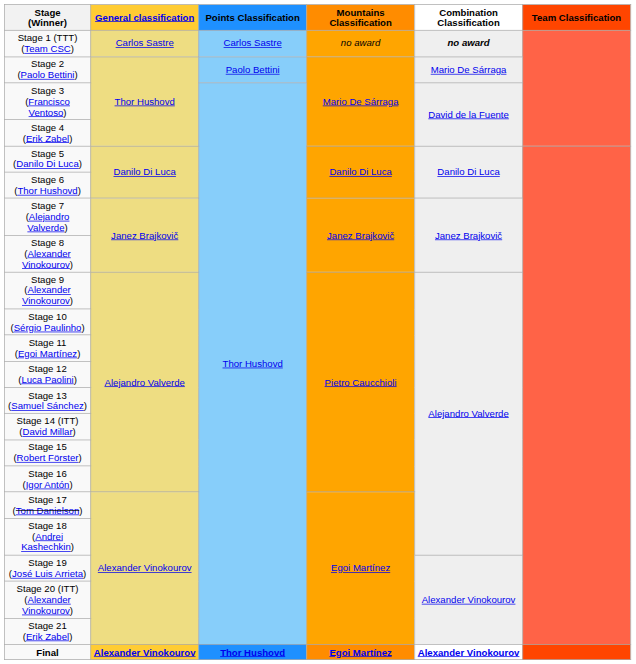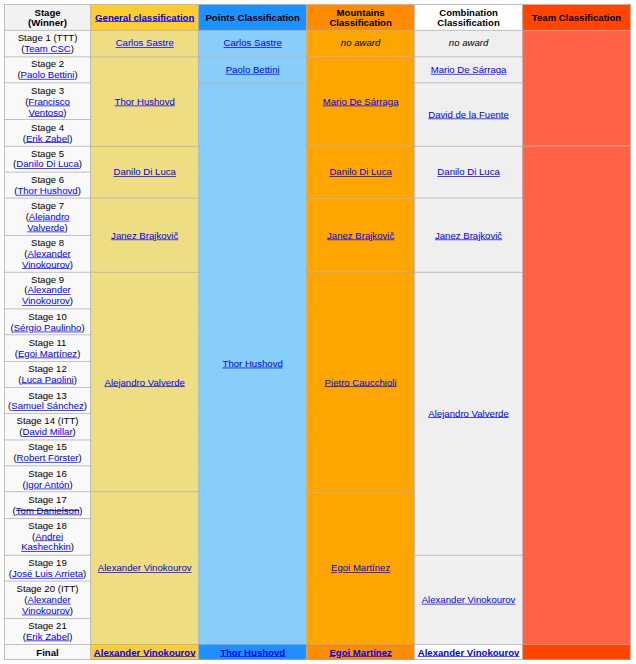 <table class="wikitable" style="text-align: center; font-size:smaller;">
 <tr style="background-color: #efefef;">
 <th width="12%">Stage<br>(Winner)</th>
 <th style="background:#FFCC33;" width="15%"><strong><a href='#'>General classification</a></strong><br></th>
 <th style="background:#1E90FF;" width="15%"><strong>Points Classification</strong><br></th>
 <th style="background:#FF8C00;" width="15%"><strong>Mountains Classification</strong><br></th>
 <th style="background:white;" width="15%"><strong>Combination Classification</strong><br></th>
 <th style="background:#FF4500;" width="15%"><strong>Team Classification</strong></th>
 </tr>
 <tr>
 <td>Stage 1 (TTT)<br>(<a href='#'>Team CSC</a>)</td>
 <td style="background:#EEDD82;" rowspan="1"><a href='#'>Carlos Sastre</a></td>
 <td style="background:#87CEFA;" rowspan="1"><a href='#'>Carlos Sastre</a></td>
 <td style="background:#FFA500;" rowspan="1"><em>no award</em></td>
-<td style="background:#efefef;" rowspan="1"><strong><em>no award</em></strong></td>
+<td style="background:#efefef;" rowspan="1"><em>no award</em></td>
 <td style="background:#FF6347;" rowspan="4"></td>
 </tr>
 <tr>
 <td>Stage 2 <br>(<a href='#'>Paolo Bettini</a>)</td>
 <td style="background:#EEDD82;" rowspan="3"><a href='#'>Thor Hushovd</a></td>
 <td style="background:#87CEFA;" rowspan="1"><a href='#'>Paolo Bettini</a></td>
 <td style="background:#FFA500;" rowspan="3"><a href='#'>Mario De Sárraga</a></td>
 <td style="background:#efefef;" rowspan="1"><a href='#'>Mario De Sárraga</a></td>
 </tr>
 <tr>
 <td>Stage 3 <br>(<a href='#'>Francisco Ventoso</a>)</td>
 <td style="background:#87CEFA;" rowspan="19"><a href='#'>Thor Hushovd</a></td>
 <td style="background:#efefef;" rowspan="2"><a href='#'>David de la Fuente</a></td>
 </tr>
 <tr>
 <td>Stage 4 <br>(<a href='#'>Erik Zabel</a>)</td>
 </tr>
 <tr>
 <td>Stage 5 <br>(<a href='#'>Danilo Di Luca</a>)</td>
 <td style="background:#EEDD82;" rowspan="2"><a href='#'>Danilo Di Luca</a></td>
 <td style="background:#FFA500;" rowspan="2"><a href='#'>Danilo Di Luca</a></td>
 <td style="background:#efefef;" rowspan="2"><a href='#'>Danilo Di Luca</a></td>
 <td style="background:#FF6347;" rowspan="17"></td>
 </tr>
 <tr>
 <td>Stage 6 <br>(<a href='#'>Thor Hushovd</a>)</td>
 </tr>
 <tr>
 <td>Stage 7 <br>(<a href='#'>Alejandro Valverde</a>)</td>
 <td style="background:#EEDD82;" rowspan="2"><a href='#'>Janez Brajkovič</a></td>
 <td style="background:#FFA500;" rowspan="2"><a href='#'>Janez Brajkovič</a></td>
 <td style="background:#efefef;" rowspan="2"><a href='#'>Janez Brajkovič</a></td>
 </tr>
 <tr>
 <td>Stage 8 <br>(<a href='#'>Alexander Vinokourov</a>)</td>
 </tr>
 <tr>
 <td>Stage 9 <br>(<a href='#'>Alexander Vinokourov</a>)</td>
 <td style="background:#EEDD82;" rowspan="8"><a href='#'>Alejandro Valverde</a></td>
 <td style="background:#FFA500;" rowspan="8"><a href='#'>Pietro Caucchioli</a></td>
 <td style="background:#efefef;" rowspan="10"><a href='#'>Alejandro Valverde</a></td>
 </tr>
 <tr>
 <td>Stage 10 <br>(<a href='#'>Sérgio Paulinho</a>)</td>
 </tr>
 <tr>
 <td>Stage 11 <br>(<a href='#'>Egoi Martínez</a>)</td>
 </tr>
 <tr>
 <td>Stage 12 <br>(<a href='#'>Luca Paolini</a>)</td>
 </tr>
 <tr>
 <td>Stage 13 <br>(<a href='#'>Samuel Sánchez</a>)</td>
 </tr>
 <tr>
 <td>Stage 14 (ITT)<br>(<a href='#'>David Millar</a>)</td>
 </tr>
 <tr>
 <td>Stage 15 <br>(<a href='#'>Robert Förster</a>)</td>
 </tr>
 <tr>
 <td>Stage 16 <br>(<a href='#'>Igor Antón</a>)</td>
 </tr>
 <tr>
 <td>Stage 17 <br>(<s><a href='#'>Tom Danielson</a></s>)</td>
 <td style="background:#EEDD82;" rowspan="5"><a href='#'>Alexander Vinokourov</a></td>
 <td style="background:#FFA500;" rowspan="5"><a href='#'>Egoi Martínez</a></td>
 </tr>
 <tr>
 <td>Stage 18 <br>(<a href='#'>Andrei Kashechkin</a>)</td>
 </tr>
 <tr>
 <td>Stage 19 <br>(<a href='#'>José Luis Arrieta</a>)</td>
 <td style="background:#efefef;" rowspan="3"><a href='#'>Alexander Vinokourov</a></td>
 </tr>
 <tr>
 <td>Stage 20 (ITT)<br>(<a href='#'>Alexander Vinokourov</a>)</td>
 </tr>
 <tr>
 <td>Stage 21 <br>(<a href='#'>Erik Zabel</a>)</td>
 </tr>
 <tr>
 <td><strong>Final</strong></td>
 <th style="background:#FFCC33;" width="15%"><a href='#'>Alexander Vinokourov</a></th>
 <th style="background:#1E90FF;" width="15%"><a href='#'>Thor Hushovd</a></th>
 <th style="background:#FF8C00;" width="15%"><a href='#'>Egoi Martínez</a></th>
 <th style="background:white;" width="15%"><a href='#'>Alexander Vinokourov</a></th>
 <th style="background:#FF4500;" width="15%"></th>
 </tr>
 </table>
